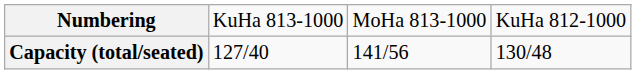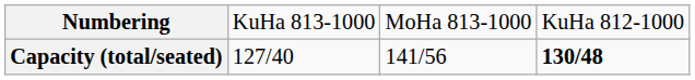 <table class="wikitable">
 <tr>
 <th>Numbering</th>
 <td>KuHa 813-1000</td>
 <td>MoHa 813-1000</td>
 <td>KuHa 812-1000</td>
 </tr>
 <tr>
 <th>Capacity (total/seated)</th>
 <td>127/40</td>
 <td>141/56</td>
-<td>130/48</td>
+<td><strong>130/48</strong></td>
 </tr>
 </table>
